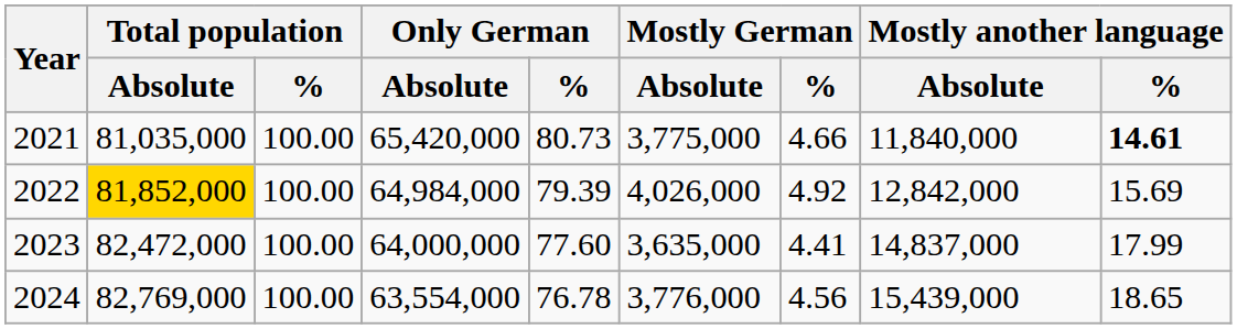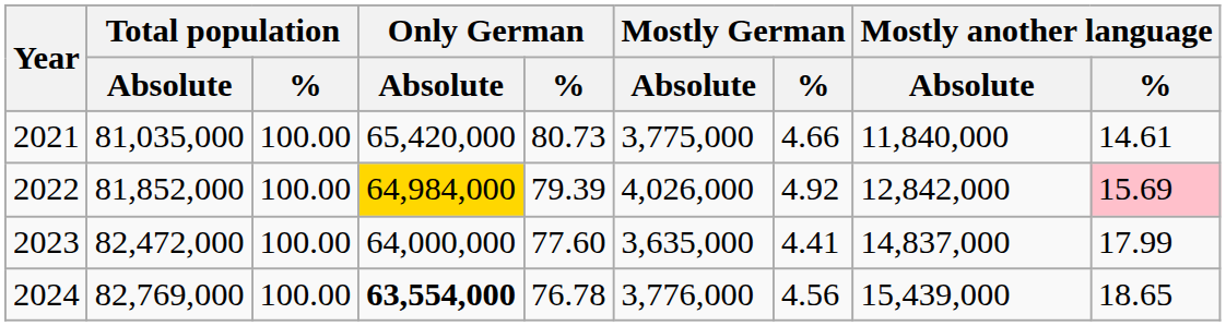 <table class="wikitable sortable">
 <tr>
 <th rowspan="2">Year</th>
 <th colspan="2">Total population</th>
 <th colspan="2">Only German</th>
 <th colspan="2">Mostly German</th>
 <th colspan="2">Mostly another language</th>
 </tr>
 <tr>
 <th>Absolute</th>
 <th>%</th>
 <th>Absolute</th>
 <th>%</th>
 <th>Absolute</th>
 <th>%</th>
 <th>Absolute</th>
 <th>%</th>
 </tr>
 <tr>
 <td align="right">2021</td>
 <td>81,035,000</td>
 <td>100.00</td>
 <td>65,420,000</td>
 <td>80.73</td>
 <td>3,775,000</td>
 <td>4.66</td>
 <td>11,840,000</td>
-<td><strong>14.61</strong></td>
+<td>14.61</td>
 </tr>
 <tr>
 <td align="right">2022</td>
-<td style="background: gold;">81,852,000</td>
+<td>81,852,000</td>
 <td>100.00</td>
-<td>64,984,000</td>
+<td style="background: gold;">64,984,000</td>
 <td>79.39</td>
 <td>4,026,000</td>
 <td>4.92</td>
 <td>12,842,000</td>
-<td>15.69</td>
+<td style="background: pink;">15.69</td>
 </tr>
 <tr>
 <td align="right">2023</td>
 <td>82,472,000</td>
 <td>100.00</td>
 <td>64,000,000</td>
 <td>77.60</td>
 <td>3,635,000</td>
 <td>4.41</td>
 <td>14,837,000</td>
 <td>17.99</td>
 </tr>
 <tr>
 <td align="right">2024</td>
 <td>82,769,000</td>
 <td>100.00</td>
-<td>63,554,000</td>
+<td><strong>63,554,000</strong></td>
 <td>76.78</td>
 <td>3,776,000</td>
 <td>4.56</td>
 <td>15,439,000</td>
 <td>18.65</td>
 </tr>
 </table>
